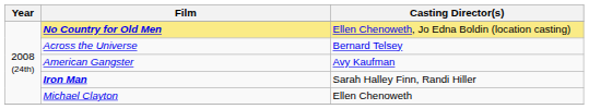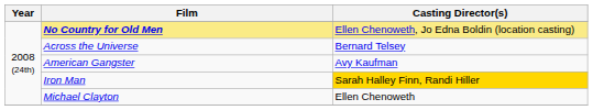 <table class="wikitable" style="width:100%">
 <tr bgcolor="#bebebe">
 <th width="5%">Year</th>
 <th width="40%">Film</th>
 <th width="35%">Casting Director(s)</th>
 </tr>
 <tr>
 <td rowspan=6 style="text-align:center">2008<br><small>(24th)</small><br></td>
 </tr>
 <tr style="background:#FAEB86">
 <td><strong><em><a href='#'>No Country for Old Men</a></em></strong></td>
 <td><a href='#'>Ellen Chenoweth</a>, Jo Edna Boldin (location casting)</td>
 </tr>
 <tr>
 <td><em><a href='#'>Across the Universe</a></em></td>
 <td><a href='#'>Bernard Telsey</a></td>
 </tr>
 <tr>
 <td><em><a href='#'>American Gangster</a></em></td>
 <td><a href='#'>Avy Kaufman</a></td>
 </tr>
 <tr>
-<td><strong><em><a href='#'>Iron Man</a></em></strong></td>
-<td>Sarah Halley Finn, Randi Hiller</td>
+<td><em><a href='#'>Iron Man</a></em></td>
+<td style="background: gold;">Sarah Halley Finn, Randi Hiller</td>
 </tr>
 <tr>
 <td><em><a href='#'>Michael Clayton</a></em></td>
 <td>Ellen Chenoweth</td>
 </tr>
 <tr>
 </tr>
 </table>
